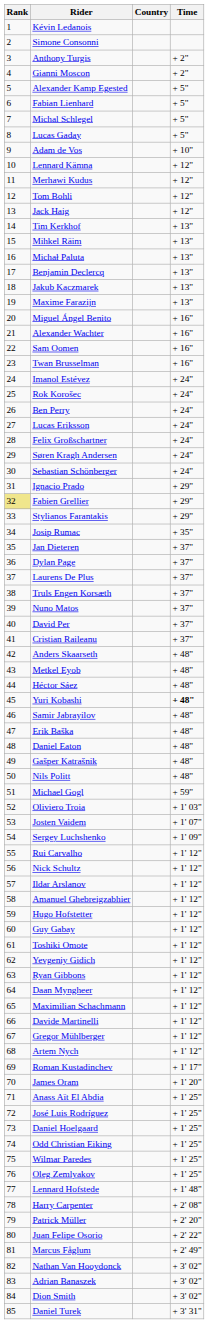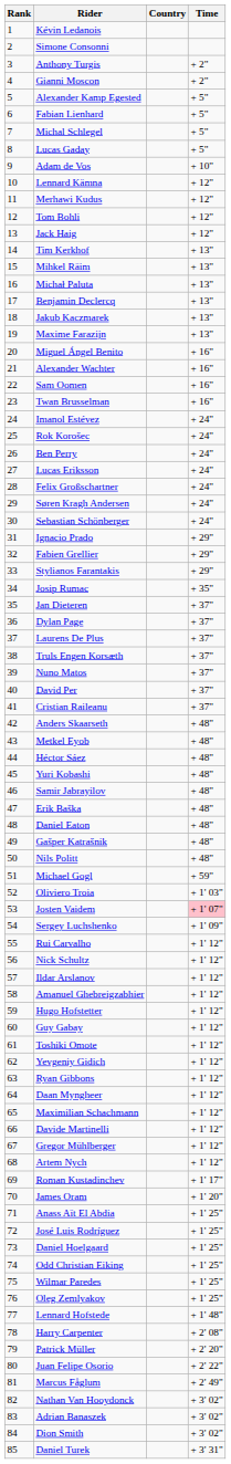 <table class="wikitable" style="font-size:95%; text-align:left;">
 <tr>
 <th>Rank</th>
 <th>Rider</th>
 <th>Country</th>
 <th>Time</th>
 </tr>
 <tr>
 <td>1</td>
 <td><a href='#'>Kévin Ledanois</a></td>
 <td></td>
 <td></td>
 </tr>
 <tr>
 <td>2</td>
 <td><a href='#'>Simone Consonni</a></td>
 <td></td>
 <td></td>
 </tr>
 <tr>
 <td>3</td>
 <td><a href='#'>Anthony Turgis</a></td>
 <td></td>
 <td>+ 2"</td>
 </tr>
 <tr>
 <td>4</td>
 <td><a href='#'>Gianni Moscon</a></td>
 <td></td>
 <td>+ 2"</td>
 </tr>
 <tr>
 <td>5</td>
 <td><a href='#'>Alexander Kamp Egested</a></td>
 <td></td>
 <td>+ 5"</td>
 </tr>
 <tr>
 <td>6</td>
 <td><a href='#'>Fabian Lienhard</a></td>
 <td></td>
 <td>+ 5"</td>
 </tr>
 <tr>
 <td>7</td>
 <td><a href='#'>Michal Schlegel</a></td>
 <td></td>
 <td>+ 5"</td>
 </tr>
 <tr>
 <td>8</td>
 <td><a href='#'>Lucas Gaday</a></td>
 <td></td>
 <td>+ 5"</td>
 </tr>
 <tr>
 <td>9</td>
 <td><a href='#'>Adam de Vos</a></td>
 <td></td>
 <td>+ 10"</td>
 </tr>
 <tr>
 <td>10</td>
 <td><a href='#'>Lennard Kämna</a></td>
 <td></td>
 <td>+ 12"</td>
 </tr>
 <tr>
 <td>11</td>
 <td><a href='#'>Merhawi Kudus</a></td>
 <td></td>
 <td>+ 12"</td>
 </tr>
 <tr>
 <td>12</td>
 <td><a href='#'>Tom Bohli</a></td>
 <td></td>
 <td>+ 12"</td>
 </tr>
 <tr>
 <td>13</td>
 <td><a href='#'>Jack Haig</a></td>
 <td></td>
 <td>+ 12"</td>
 </tr>
 <tr>
 <td>14</td>
 <td><a href='#'>Tim Kerkhof</a></td>
 <td></td>
 <td>+ 13"</td>
 </tr>
 <tr>
 <td>15</td>
 <td><a href='#'>Mihkel Räim</a></td>
 <td></td>
 <td>+ 13"</td>
 </tr>
 <tr>
 <td>16</td>
 <td><a href='#'>Michał Paluta</a></td>
 <td></td>
 <td>+ 13"</td>
 </tr>
 <tr>
 <td>17</td>
 <td><a href='#'>Benjamin Declercq</a></td>
 <td></td>
 <td>+ 13"</td>
 </tr>
 <tr>
 <td>18</td>
 <td><a href='#'>Jakub Kaczmarek</a></td>
 <td></td>
 <td>+ 13"</td>
 </tr>
 <tr>
 <td>19</td>
 <td><a href='#'>Maxime Farazijn</a></td>
 <td></td>
 <td>+ 13"</td>
 </tr>
 <tr>
 <td>20</td>
 <td><a href='#'>Miguel Ángel Benito</a></td>
 <td></td>
 <td>+ 16"</td>
 </tr>
 <tr>
 <td>21</td>
 <td><a href='#'>Alexander Wachter</a></td>
 <td></td>
 <td>+ 16"</td>
 </tr>
 <tr>
 <td>22</td>
 <td><a href='#'>Sam Oomen</a></td>
 <td></td>
 <td>+ 16"</td>
 </tr>
 <tr>
 <td>23</td>
 <td><a href='#'>Twan Brusselman</a></td>
 <td></td>
 <td>+ 16"</td>
 </tr>
 <tr>
 <td>24</td>
 <td><a href='#'>Imanol Estévez</a></td>
 <td></td>
 <td>+ 24"</td>
 </tr>
 <tr>
 <td>25</td>
 <td><a href='#'>Rok Korošec</a></td>
 <td></td>
 <td>+ 24"</td>
 </tr>
 <tr>
 <td>26</td>
 <td><a href='#'>Ben Perry</a></td>
 <td></td>
 <td>+ 24"</td>
 </tr>
 <tr>
 <td>27</td>
 <td><a href='#'>Lucas Eriksson</a></td>
 <td></td>
 <td>+ 24"</td>
 </tr>
 <tr>
 <td>28</td>
 <td><a href='#'>Felix Großschartner</a></td>
 <td></td>
 <td>+ 24"</td>
 </tr>
 <tr>
 <td>29</td>
 <td><a href='#'>Søren Kragh Andersen</a></td>
 <td></td>
 <td>+ 24"</td>
 </tr>
 <tr>
 <td>30</td>
 <td><a href='#'>Sebastian Schönberger</a></td>
 <td></td>
 <td>+ 24"</td>
 </tr>
 <tr>
 <td>31</td>
 <td><a href='#'>Ignacio Prado</a></td>
 <td></td>
 <td>+ 29"</td>
 </tr>
 <tr>
-<td style="background: khaki;">32</td>
+<td>32</td>
 <td><a href='#'>Fabien Grellier</a></td>
 <td></td>
 <td>+ 29"</td>
 </tr>
 <tr>
 <td>33</td>
 <td><a href='#'>Stylianos Farantakis</a></td>
 <td></td>
 <td>+ 29"</td>
 </tr>
 <tr>
 <td>34</td>
 <td><a href='#'>Josip Rumac</a></td>
 <td></td>
 <td>+ 35"</td>
 </tr>
 <tr>
 <td>35</td>
 <td><a href='#'>Jan Dieteren</a></td>
 <td></td>
 <td>+ 37"</td>
 </tr>
 <tr>
 <td>36</td>
 <td><a href='#'>Dylan Page</a></td>
 <td></td>
 <td>+ 37"</td>
 </tr>
 <tr>
 <td>37</td>
 <td><a href='#'>Laurens De Plus</a></td>
 <td></td>
 <td>+ 37"</td>
 </tr>
 <tr>
 <td>38</td>
 <td><a href='#'>Truls Engen Korsæth</a></td>
 <td></td>
 <td>+ 37"</td>
 </tr>
 <tr>
 <td>39</td>
 <td><a href='#'>Nuno Matos</a></td>
 <td></td>
 <td>+ 37"</td>
 </tr>
 <tr>
 <td>40</td>
 <td><a href='#'>David Per</a></td>
 <td></td>
 <td>+ 37"</td>
 </tr>
 <tr>
 <td>41</td>
 <td><a href='#'>Cristian Raileanu</a></td>
 <td></td>
 <td>+ 37"</td>
 </tr>
 <tr>
 <td>42</td>
 <td><a href='#'>Anders Skaarseth</a></td>
 <td></td>
 <td>+ 48"</td>
 </tr>
 <tr>
 <td>43</td>
 <td><a href='#'>Metkel Eyob</a></td>
 <td></td>
 <td>+ 48"</td>
 </tr>
 <tr>
 <td>44</td>
 <td><a href='#'>Héctor Sáez</a></td>
 <td></td>
 <td>+ 48"</td>
 </tr>
 <tr>
 <td>45</td>
 <td><a href='#'>Yuri Kobashi</a></td>
 <td></td>
-<td><strong>+ 48"</strong></td>
+<td>+ 48"</td>
 </tr>
 <tr>
 <td>46</td>
 <td><a href='#'>Samir Jabrayilov</a></td>
 <td></td>
 <td>+ 48"</td>
 </tr>
 <tr>
 <td>47</td>
 <td><a href='#'>Erik Baška</a></td>
 <td></td>
 <td>+ 48"</td>
 </tr>
 <tr>
 <td>48</td>
 <td><a href='#'>Daniel Eaton</a></td>
 <td></td>
 <td>+ 48"</td>
 </tr>
 <tr>
 <td>49</td>
 <td><a href='#'>Gašper Katrašnik</a></td>
 <td></td>
 <td>+ 48"</td>
 </tr>
 <tr>
 <td>50</td>
 <td><a href='#'>Nils Politt</a></td>
 <td></td>
 <td>+ 48"</td>
 </tr>
 <tr>
 <td>51</td>
 <td><a href='#'>Michael Gogl</a></td>
 <td></td>
 <td>+ 59"</td>
 </tr>
 <tr>
 <td>52</td>
 <td><a href='#'>Oliviero Troia</a></td>
 <td></td>
 <td>+ 1' 03"</td>
 </tr>
 <tr>
 <td>53</td>
 <td><a href='#'>Josten Vaidem</a></td>
 <td></td>
-<td>+ 1' 07"</td>
+<td style="background: pink;">+ 1' 07"</td>
 </tr>
 <tr>
 <td>54</td>
 <td><a href='#'>Sergey Luchshenko</a></td>
 <td></td>
 <td>+ 1' 09"</td>
 </tr>
 <tr>
 <td>55</td>
 <td><a href='#'>Rui Carvalho</a></td>
 <td></td>
 <td>+ 1' 12"</td>
 </tr>
 <tr>
 <td>56</td>
 <td><a href='#'>Nick Schultz</a></td>
 <td></td>
 <td>+ 1' 12"</td>
 </tr>
 <tr>
 <td>57</td>
 <td><a href='#'>Ildar Arslanov</a></td>
 <td></td>
 <td>+ 1' 12"</td>
 </tr>
 <tr>
 <td>58</td>
 <td><a href='#'>Amanuel Ghebreigzabhier</a></td>
 <td></td>
 <td>+ 1' 12"</td>
 </tr>
 <tr>
 <td>59</td>
 <td><a href='#'>Hugo Hofstetter</a></td>
 <td></td>
 <td>+ 1' 12"</td>
 </tr>
 <tr>
 <td>60</td>
 <td><a href='#'>Guy Gabay</a></td>
 <td></td>
 <td>+ 1' 12"</td>
 </tr>
 <tr>
 <td>61</td>
 <td><a href='#'>Toshiki Omote</a></td>
 <td></td>
 <td>+ 1' 12"</td>
 </tr>
 <tr>
 <td>62</td>
 <td><a href='#'>Yevgeniy Gidich</a></td>
 <td></td>
 <td>+ 1' 12"</td>
 </tr>
 <tr>
 <td>63</td>
 <td><a href='#'>Ryan Gibbons</a></td>
 <td></td>
 <td>+ 1' 12"</td>
 </tr>
 <tr>
 <td>64</td>
 <td><a href='#'>Daan Myngheer</a></td>
 <td></td>
 <td>+ 1' 12"</td>
 </tr>
 <tr>
 <td>65</td>
 <td><a href='#'>Maximilian Schachmann</a></td>
 <td></td>
 <td>+ 1' 12"</td>
 </tr>
 <tr>
 <td>66</td>
 <td><a href='#'>Davide Martinelli</a></td>
 <td></td>
 <td>+ 1' 12"</td>
 </tr>
 <tr>
 <td>67</td>
 <td><a href='#'>Gregor Mühlberger</a></td>
 <td></td>
 <td>+ 1' 12"</td>
 </tr>
 <tr>
 <td>68</td>
 <td><a href='#'>Artem Nych</a></td>
 <td></td>
 <td>+ 1' 12"</td>
 </tr>
 <tr>
 <td>69</td>
 <td><a href='#'>Roman Kustadinchev</a></td>
 <td></td>
 <td>+ 1' 17"</td>
 </tr>
 <tr>
 <td>70</td>
 <td><a href='#'>James Oram</a></td>
 <td></td>
 <td>+ 1' 20"</td>
 </tr>
 <tr>
 <td>71</td>
 <td><a href='#'>Anass Aït El Abdia</a></td>
 <td></td>
 <td>+ 1' 25"</td>
 </tr>
 <tr>
 <td>72</td>
 <td><a href='#'>José Luis Rodríguez</a></td>
 <td></td>
 <td>+ 1' 25"</td>
 </tr>
 <tr>
 <td>73</td>
 <td><a href='#'>Daniel Hoelgaard</a></td>
 <td></td>
 <td>+ 1' 25"</td>
 </tr>
 <tr>
 <td>74</td>
 <td><a href='#'>Odd Christian Eiking</a></td>
 <td></td>
 <td>+ 1' 25"</td>
 </tr>
 <tr>
 <td>75</td>
 <td><a href='#'>Wilmar Paredes</a></td>
 <td></td>
 <td>+ 1' 25"</td>
 </tr>
 <tr>
 <td>76</td>
 <td><a href='#'>Oleg Zemlyakov</a></td>
 <td></td>
 <td>+ 1' 25"</td>
 </tr>
 <tr>
 <td>77</td>
 <td><a href='#'>Lennard Hofstede</a></td>
 <td></td>
 <td>+ 1' 48"</td>
 </tr>
 <tr>
 <td>78</td>
 <td><a href='#'>Harry Carpenter</a></td>
 <td></td>
 <td>+ 2' 08"</td>
 </tr>
 <tr>
 <td>79</td>
 <td><a href='#'>Patrick Müller</a></td>
 <td></td>
 <td>+ 2' 20"</td>
 </tr>
 <tr>
 <td>80</td>
 <td><a href='#'>Juan Felipe Osorio</a></td>
 <td></td>
 <td>+ 2' 22"</td>
 </tr>
 <tr>
 <td>81</td>
 <td><a href='#'>Marcus Fåglum</a></td>
 <td></td>
 <td>+ 2' 49"</td>
 </tr>
 <tr>
 <td>82</td>
 <td><a href='#'>Nathan Van Hooydonck</a></td>
 <td></td>
 <td>+ 3' 02"</td>
 </tr>
 <tr>
 <td>83</td>
 <td><a href='#'>Adrian Banaszek</a></td>
 <td></td>
 <td>+ 3' 02"</td>
 </tr>
 <tr>
 <td>84</td>
 <td><a href='#'>Dion Smith</a></td>
 <td></td>
 <td>+ 3' 02"</td>
 </tr>
 <tr>
 <td>85</td>
 <td><a href='#'>Daniel Turek</a></td>
 <td></td>
 <td>+ 3' 31"</td>
 </tr>
 </table>
